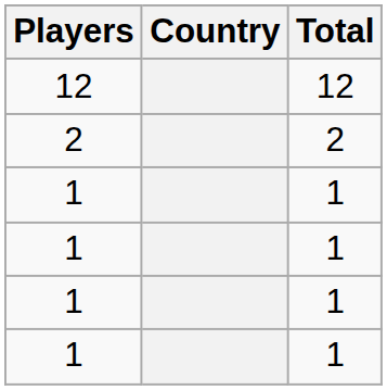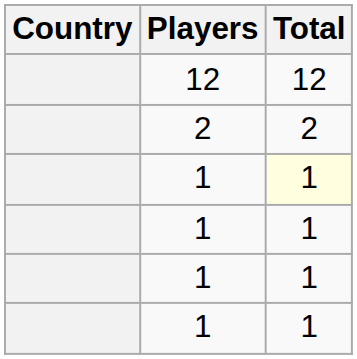 <table class="sortable wikitable plainrowheaders">
 <tr>
+<th scope="col">Country</th>
 <th scope="col">Players</th>
-<th scope="col">Country</th>
 <th scope="col">Total</th>
 </tr>
 <tr>
+<th scope="row"></th>
 <td align="center">12</td>
-<th scope="row"></th>
 <td align="center">12</td>
 </tr>
 <tr>
+<th scope="row"></th>
 <td align="center">2</td>
-<th scope="row"></th>
 <td align="center">2</td>
 </tr>
 <tr>
+<th scope="row"></th>
 <td align="center">1</td>
+<td align="center" style="background: lightyellow;">1</td>
+</tr>
+<tr>
 <th scope="row"></th>
+<td align="center">1</td>
 <td align="center">1</td>
 </tr>
 <tr>
+<th scope="row"></th>
 <td align="center">1</td>
-<th scope="row"></th>
 <td align="center">1</td>
 </tr>
 <tr>
-<td align="center">1</td>
 <th scope="row"></th>
 <td align="center">1</td>
-</tr>
-<tr>
-<td align="center">1</td>
-<th scope="row"></th>
 <td align="center">1</td>
 </tr>
 </table>
